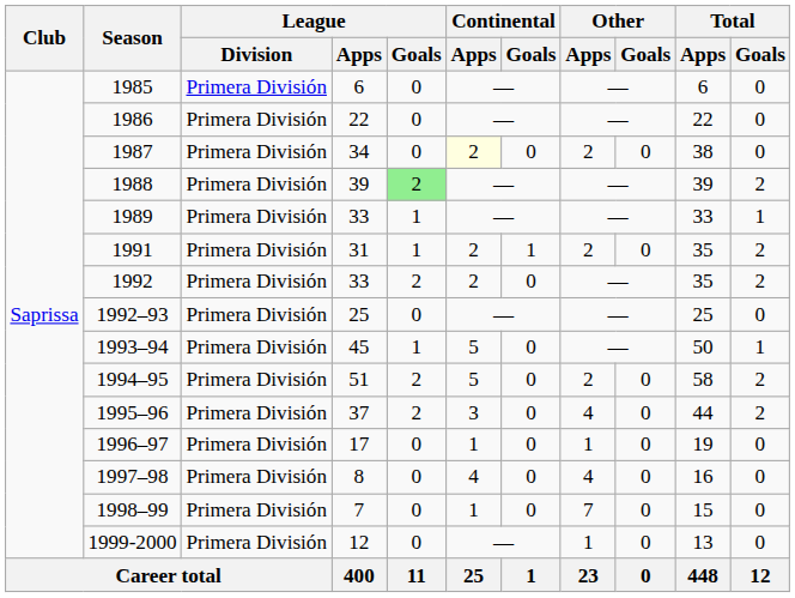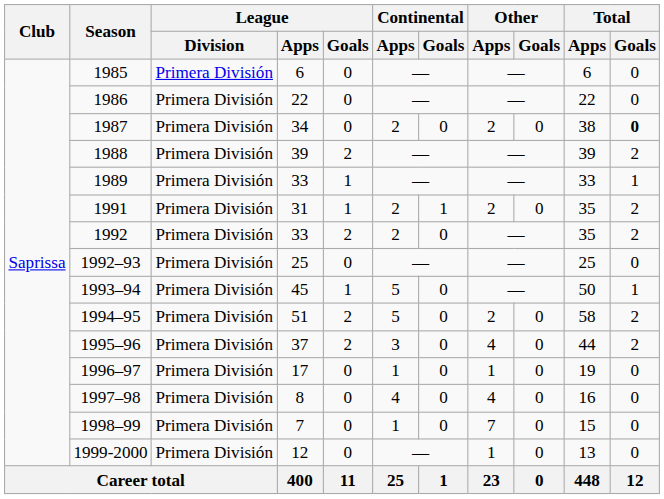 <table class="wikitable" style="text-align: center;">
 <tr>
 <th rowspan="2">Club</th>
 <th rowspan="2">Season</th>
 <th colspan="3">League</th>
 <th colspan="2">Continental</th>
 <th colspan="2">Other</th>
 <th colspan="2">Total</th>
 </tr>
 <tr>
 <th>Division</th>
 <th>Apps</th>
 <th>Goals</th>
 <th>Apps</th>
 <th>Goals</th>
 <th>Apps</th>
 <th>Goals</th>
 <th>Apps</th>
 <th>Goals</th>
 </tr>
 <tr>
 <td rowspan="15"><a href='#'>Saprissa</a></td>
 <td>1985</td>
 <td><a href='#'>Primera División</a></td>
 <td>6</td>
 <td>0</td>
 <td colspan="2">—</td>
 <td colspan="2">—</td>
 <td>6</td>
 <td>0</td>
 </tr>
 <tr>
 <td>1986</td>
 <td>Primera División</td>
 <td>22</td>
 <td>0</td>
 <td colspan="2">—</td>
 <td colspan="2">—</td>
 <td>22</td>
 <td>0</td>
 </tr>
 <tr>
 <td>1987</td>
 <td>Primera División</td>
 <td>34</td>
 <td>0</td>
-<td style="background: lightyellow;">2</td>
+<td>2</td>
 <td>0</td>
 <td>2</td>
 <td>0</td>
 <td>38</td>
-<td>0</td>
+<td><strong>0</strong></td>
 </tr>
 <tr>
 <td>1988</td>
 <td>Primera División</td>
 <td>39</td>
-<td style="background: lightgreen;">2</td>
+<td>2</td>
 <td colspan="2">—</td>
 <td colspan="2">—</td>
 <td>39</td>
 <td>2</td>
 </tr>
 <tr>
 <td>1989</td>
 <td>Primera División</td>
 <td>33</td>
 <td>1</td>
 <td colspan="2">—</td>
 <td colspan="2">—</td>
 <td>33</td>
 <td>1</td>
 </tr>
 <tr>
 <td>1991</td>
 <td>Primera División</td>
 <td>31</td>
 <td>1</td>
 <td>2</td>
 <td>1</td>
 <td>2</td>
 <td>0</td>
 <td>35</td>
 <td>2</td>
 </tr>
 <tr>
 <td>1992</td>
 <td>Primera División</td>
 <td>33</td>
 <td>2</td>
 <td>2</td>
 <td>0</td>
 <td colspan="2">—</td>
 <td>35</td>
 <td>2</td>
 </tr>
 <tr>
 <td>1992–93</td>
 <td>Primera División</td>
 <td>25</td>
 <td>0</td>
 <td colspan="2">—</td>
 <td colspan="2">—</td>
 <td>25</td>
 <td>0</td>
 </tr>
 <tr>
 <td>1993–94</td>
 <td>Primera División</td>
 <td>45</td>
 <td>1</td>
 <td>5</td>
 <td>0</td>
 <td colspan="2">—</td>
 <td>50</td>
 <td>1</td>
 </tr>
 <tr>
 <td>1994–95</td>
 <td>Primera División</td>
 <td>51</td>
 <td>2</td>
 <td>5</td>
 <td>0</td>
 <td>2</td>
 <td>0</td>
 <td>58</td>
 <td>2</td>
 </tr>
 <tr>
 <td>1995–96</td>
 <td>Primera División</td>
 <td>37</td>
 <td>2</td>
 <td>3</td>
 <td>0</td>
 <td>4</td>
 <td>0</td>
 <td>44</td>
 <td>2</td>
 </tr>
 <tr>
 <td>1996–97</td>
 <td>Primera División</td>
 <td>17</td>
 <td>0</td>
 <td>1</td>
 <td>0</td>
 <td>1</td>
 <td>0</td>
 <td>19</td>
 <td>0</td>
 </tr>
 <tr>
 <td>1997–98</td>
 <td>Primera División</td>
 <td>8</td>
 <td>0</td>
 <td>4</td>
 <td>0</td>
 <td>4</td>
 <td>0</td>
 <td>16</td>
 <td>0</td>
 </tr>
 <tr>
 <td>1998–99</td>
 <td>Primera División</td>
 <td>7</td>
 <td>0</td>
 <td>1</td>
 <td>0</td>
 <td>7</td>
 <td>0</td>
 <td>15</td>
 <td>0</td>
 </tr>
 <tr>
 <td>1999-2000</td>
 <td>Primera División</td>
 <td>12</td>
 <td>0</td>
 <td colspan="2">—</td>
 <td>1</td>
 <td>0</td>
 <td>13</td>
 <td>0</td>
 </tr>
 <tr>
 <th colspan="3">Career total</th>
 <th>400</th>
 <th>11</th>
 <th>25</th>
 <th>1</th>
 <th>23</th>
 <th>0</th>
 <th>448</th>
 <th>12</th>
 </tr>
 </table>
